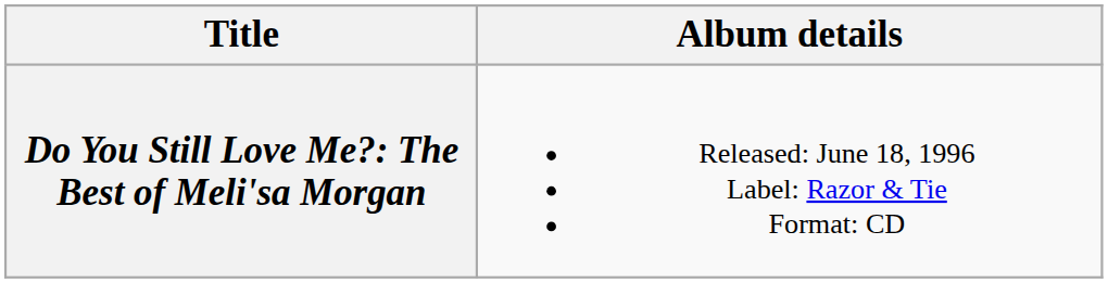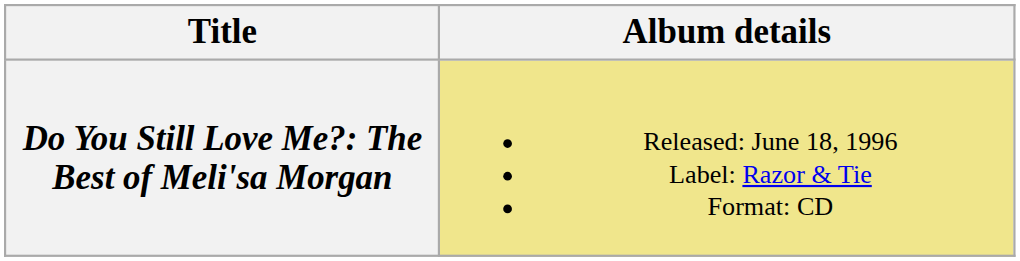 <table class="wikitable plainrowheaders" style="text-align:center;" border="1">
 <tr>
 <th scope="col" style="width:12em;">Title</th>
 <th scope="col" style="width:16em;">Album details</th>
 </tr>
 <tr>
 <th scope="row"><em>Do You Still Love Me?: The Best of Meli'sa Morgan</em></th>
-<td style="font-size:12px;"><br><ul><li>Released: June 18, 1996</li><li>Label: <a href='#'>Razor & Tie</a></li><li>Format: CD</li></ul></td>
+<td style="background: khaki; font-size:12px;"><br><ul><li>Released: June 18, 1996</li><li>Label: <a href='#'>Razor & Tie</a></li><li>Format: CD</li></ul></td>
 </tr>
 </table>
